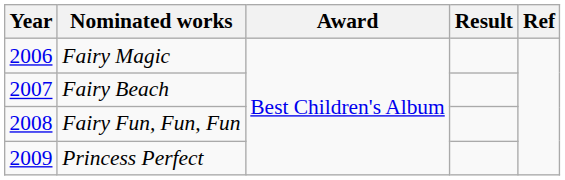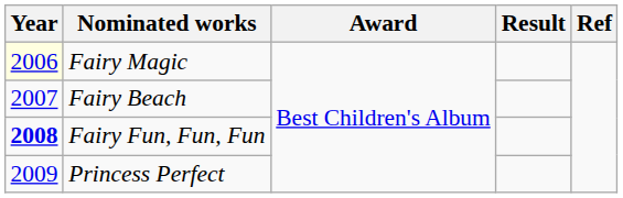 <table class="wikitable">
 <tr>
 <th>Year</th>
 <th>Nominated works</th>
 <th>Award</th>
 <th>Result</th>
 <th>Ref</th>
 </tr>
 <tr>
-<td><a href='#'>2006</a></td>
+<td style="background: lightyellow;"><a href='#'>2006</a></td>
 <td><em>Fairy Magic</em></td>
 <td rowspan="4"><a href='#'>Best Children's Album</a></td>
 <td></td>
 <td rowspan="4"></td>
 </tr>
 <tr>
 <td><a href='#'>2007</a></td>
 <td><em>Fairy Beach</em></td>
 <td></td>
 </tr>
 <tr>
-<td><a href='#'>2008</a></td>
+<td><strong><a href='#'>2008</a></strong></td>
 <td><em>Fairy Fun, Fun, Fun</em></td>
 <td></td>
 </tr>
 <tr>
 <td><a href='#'>2009</a></td>
 <td><em>Princess Perfect</em></td>
 <td></td>
 </tr>
 </table>
